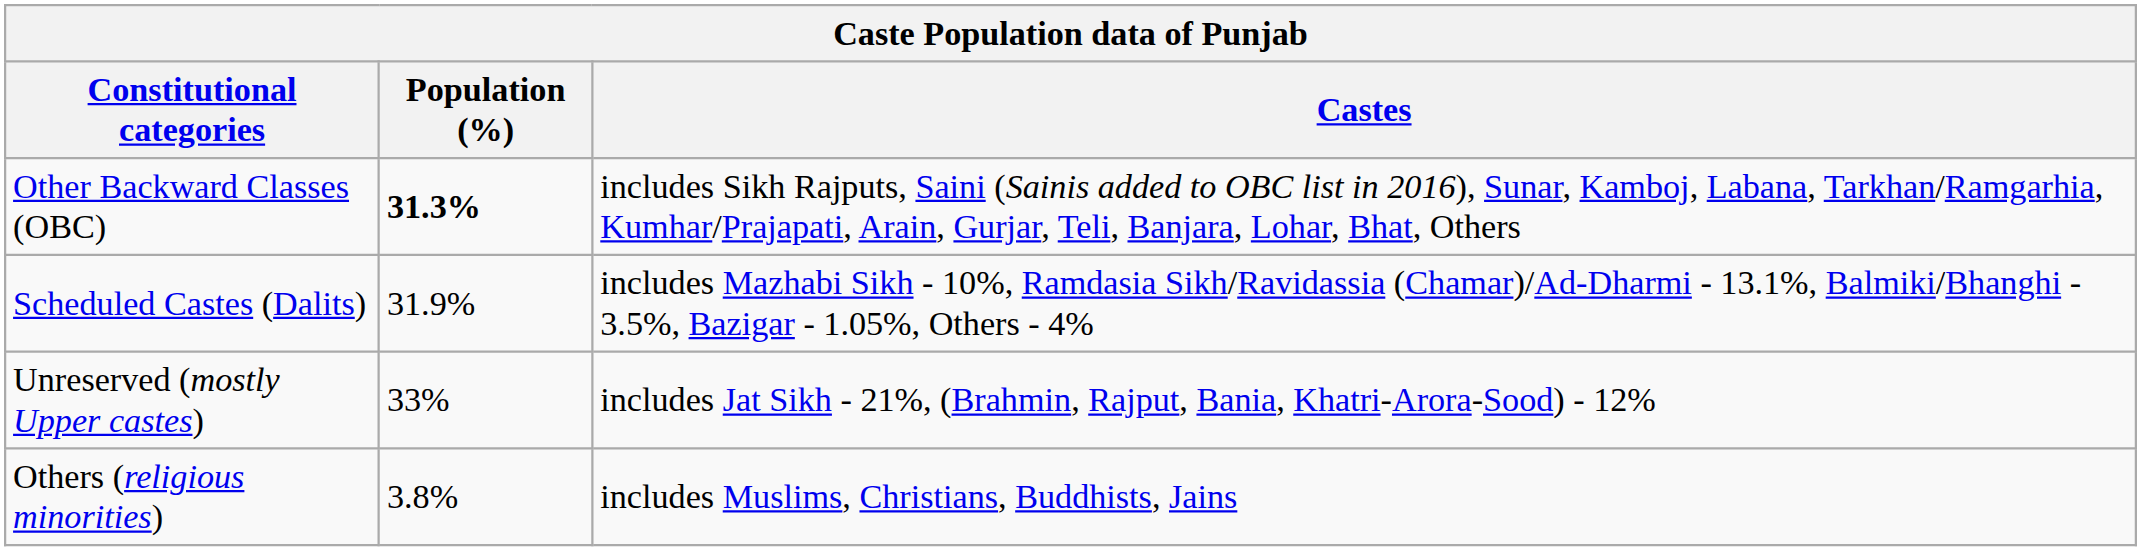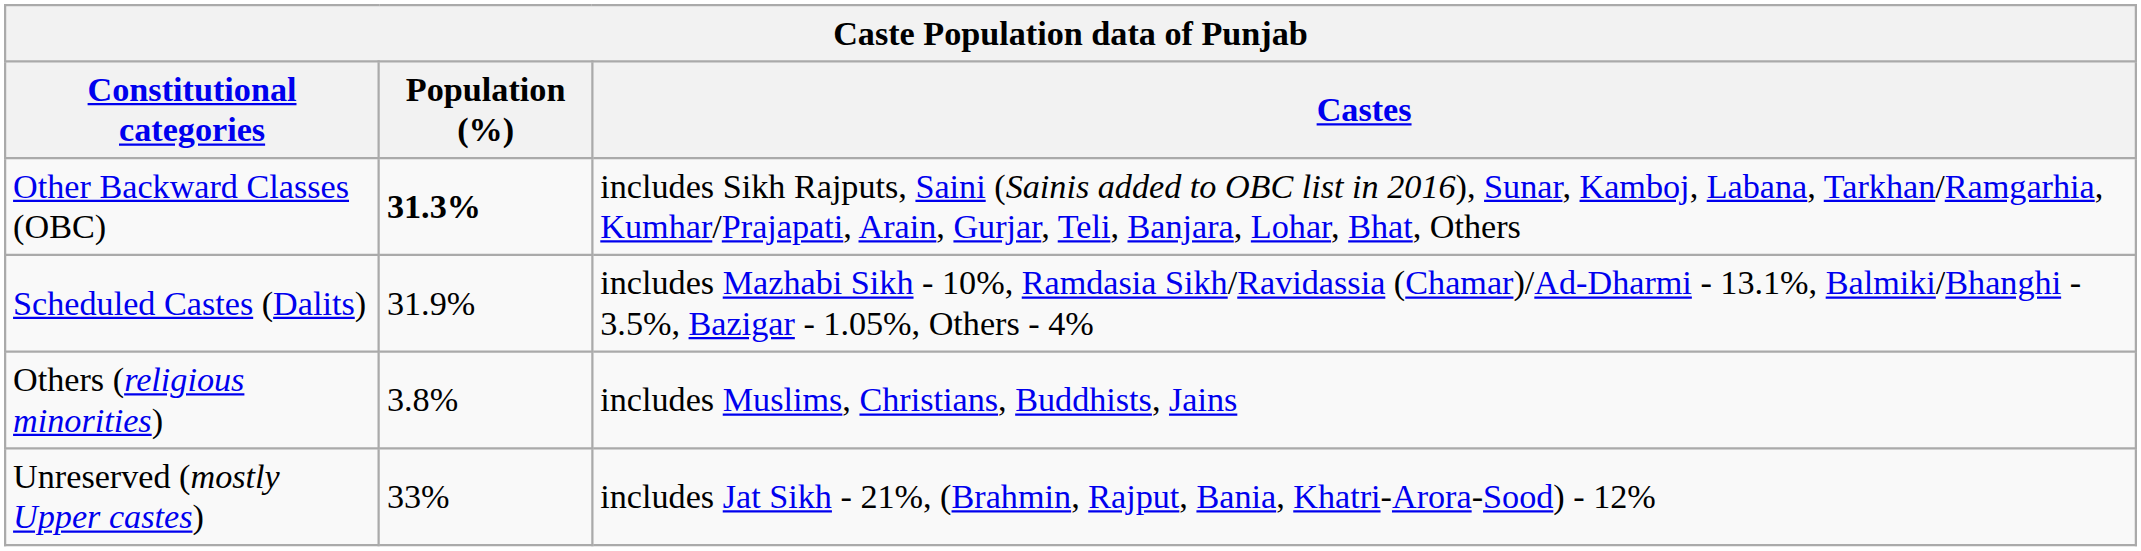 <table class="wikitable" style="width: 75%;font-size: 95%;align:center;">
 <tr>
 <th colspan="3">Caste Population data of Punjab</th>
 </tr>
 <tr>
 <th><a href='#'>Constitutional categories</a></th>
 <th>Population (%)</th>
 <th><a href='#'>Castes</a></th>
 </tr>
 <tr>
 <td><a href='#'>Other Backward Classes</a> (OBC)</td>
 <td><strong>31.3%</strong></td>
 <td>includes Sikh Rajputs, <a href='#'>Saini</a> (<em>Sainis added to OBC list in 2016</em>), <a href='#'>Sunar</a>, <a href='#'>Kamboj</a>, <a href='#'>Labana</a>, <a href='#'>Tarkhan</a>/<a href='#'>Ramgarhia</a>, <a href='#'>Kumhar</a>/<a href='#'>Prajapati</a>, <a href='#'>Arain</a>, <a href='#'>Gurjar</a>, <a href='#'>Teli</a>, <a href='#'>Banjara</a>, <a href='#'>Lohar</a>, <a href='#'>Bhat</a>, Others</td>
 </tr>
 <tr>
 <td><a href='#'>Scheduled Castes</a> (<a href='#'>Dalits</a>)</td>
 <td>31.9%</td>
 <td>includes <a href='#'>Mazhabi Sikh</a> - 10%, <a href='#'>Ramdasia Sikh</a>/<a href='#'>Ravidassia</a> (<a href='#'>Chamar</a>)/<a href='#'>Ad-Dharmi</a> - 13.1%, <a href='#'>Balmiki</a>/<a href='#'>Bhanghi</a> - 3.5%, <a href='#'>Bazigar</a> - 1.05%, Others - 4%</td>
 </tr>
 <tr>
+<td>Others (<em><a href='#'>religious minorities</a></em>)</td>
+<td>3.8%</td>
+<td>includes <a href='#'>Muslims</a>, <a href='#'>Christians</a>, <a href='#'>Buddhists</a>, <a href='#'>Jains</a></td>
+</tr>
+<tr>
 <td>Unreserved (<em>mostly <a href='#'>Upper castes</a></em>)</td>
 <td>33%</td>
 <td>includes <a href='#'>Jat Sikh</a> - 21%, (<a href='#'>Brahmin</a>, <a href='#'>Rajput</a>, <a href='#'>Bania</a>, <a href='#'>Khatri</a>-<a href='#'>Arora</a>-<a href='#'>Sood</a>) - 12%</td>
 </tr>
-<tr>
-<td>Others (<em><a href='#'>religious minorities</a></em>)</td>
-<td>3.8%</td>
-<td>includes <a href='#'>Muslims</a>, <a href='#'>Christians</a>, <a href='#'>Buddhists</a>, <a href='#'>Jains</a></td>
-</tr>
 </table>
